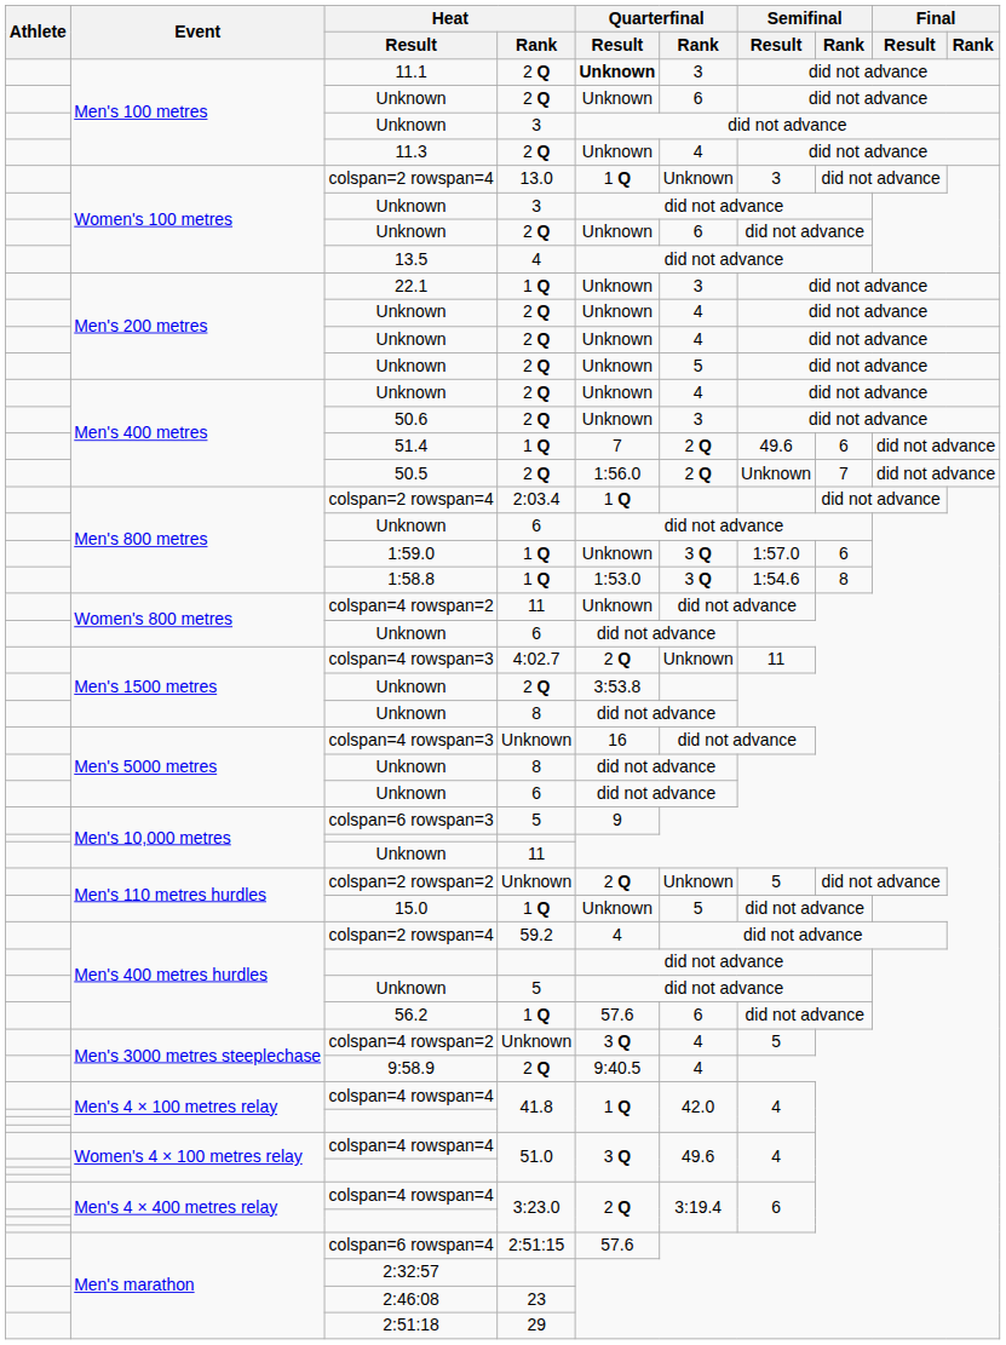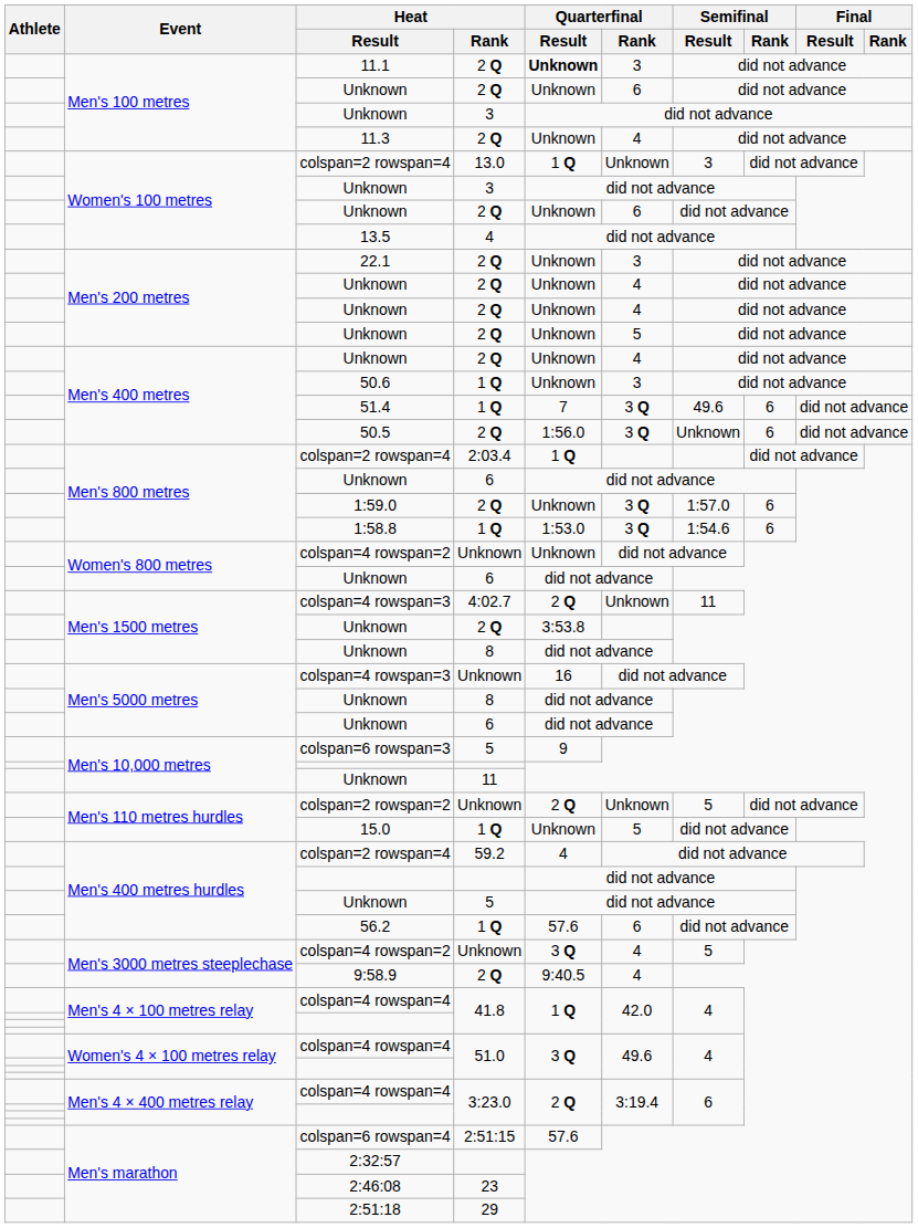 <table class="wikitable sortable" style=text-align:center>
 <tr>
 <th rowspan=2>Athlete</th>
 <th rowspan=2>Event</th>
 <th colspan=2>Heat</th>
 <th colspan=2>Quarterfinal</th>
 <th colspan=2>Semifinal</th>
 <th colspan=2>Final</th>
 </tr>
 <tr>
 <th>Result</th>
 <th>Rank</th>
 <th>Result</th>
 <th>Rank</th>
 <th>Result</th>
 <th>Rank</th>
 <th>Result</th>
 <th>Rank</th>
 </tr>
 <tr>
 <td align=left></td>
 <td align=left rowspan=4><a href='#'>Men's 100 metres</a></td>
 <td>11.1</td>
 <td>2 <strong>Q</strong></td>
 <td><strong>Unknown</strong></td>
 <td>3</td>
 <td colspan=4>did not advance</td>
 </tr>
 <tr>
 <td align=left></td>
 <td>Unknown</td>
 <td>2 <strong>Q</strong></td>
 <td>Unknown</td>
 <td>6</td>
 <td colspan=4>did not advance</td>
 </tr>
 <tr>
 <td align=left></td>
 <td>Unknown</td>
 <td>3</td>
 <td colspan=6>did not advance</td>
 </tr>
 <tr>
 <td align=left></td>
 <td>11.3</td>
 <td>2 <strong>Q</strong></td>
 <td>Unknown</td>
 <td>4</td>
 <td colspan=4>did not advance</td>
 </tr>
 <tr>
 <td align=left></td>
 <td align=left rowspan=4><a href='#'>Women's 100 metres</a></td>
 <td>colspan=2 rowspan=4 </td>
 <td>13.0</td>
 <td>1 <strong>Q</strong></td>
 <td>Unknown</td>
 <td>3</td>
 <td colspan=2>did not advance</td>
 </tr>
 <tr>
 <td align=left></td>
 <td>Unknown</td>
 <td>3</td>
 <td colspan=4>did not advance</td>
 </tr>
 <tr>
 <td align=left></td>
 <td>Unknown</td>
 <td>2 <strong>Q</strong></td>
 <td>Unknown</td>
 <td>6</td>
 <td colspan=2>did not advance</td>
 </tr>
 <tr>
 <td align=left></td>
 <td>13.5</td>
 <td>4</td>
 <td colspan=4>did not advance</td>
 </tr>
 <tr>
 <td align=left></td>
 <td align=left rowspan=4><a href='#'>Men's 200 metres</a></td>
 <td>22.1</td>
-<td>1 <strong>Q</strong></td>
+<td>2 <strong>Q</strong></td>
 <td>Unknown</td>
 <td>3</td>
 <td colspan=4>did not advance</td>
 </tr>
 <tr>
 <td align=left></td>
 <td>Unknown</td>
 <td>2 <strong>Q</strong></td>
 <td>Unknown</td>
 <td>4</td>
 <td colspan=4>did not advance</td>
 </tr>
 <tr>
 <td align=left></td>
 <td>Unknown</td>
 <td>2 <strong>Q</strong></td>
 <td>Unknown</td>
 <td>4</td>
 <td colspan=4>did not advance</td>
 </tr>
 <tr>
 <td align=left></td>
 <td>Unknown</td>
 <td>2 <strong>Q</strong></td>
 <td>Unknown</td>
 <td>5</td>
 <td colspan=4>did not advance</td>
 </tr>
 <tr>
 <td align=left></td>
 <td align=left rowspan=4><a href='#'>Men's 400 metres</a></td>
 <td>Unknown</td>
 <td>2 <strong>Q</strong></td>
 <td>Unknown</td>
 <td>4</td>
 <td colspan=4>did not advance</td>
 </tr>
 <tr>
 <td align=left></td>
 <td>50.6</td>
-<td>2 <strong>Q</strong></td>
+<td>1 <strong>Q</strong></td>
 <td>Unknown</td>
 <td>3</td>
 <td colspan=4>did not advance</td>
 </tr>
 <tr>
 <td align=left></td>
 <td>51.4</td>
 <td>1 <strong>Q</strong></td>
 <td>7</td>
-<td>2 <strong>Q</strong></td>
+<td>3 <strong>Q</strong></td>
 <td>49.6</td>
 <td>6</td>
 <td colspan=2>did not advance</td>
 </tr>
 <tr>
 <td align=left></td>
 <td>50.5</td>
 <td>2 <strong>Q</strong></td>
 <td>1:56.0</td>
-<td>2 <strong>Q</strong></td>
+<td>3 <strong>Q</strong></td>
 <td>Unknown</td>
-<td>7</td>
+<td>6</td>
 <td colspan=2>did not advance</td>
 </tr>
 <tr>
 <td align=left></td>
 <td align=left rowspan=4><a href='#'>Men's 800 metres</a></td>
 <td>colspan=2 rowspan=4 </td>
 <td>2:03.4</td>
 <td>1 <strong>Q</strong></td>
 <td></td>
 <td></td>
 <td colspan=2>did not advance</td>
 </tr>
 <tr>
 <td align=left></td>
 <td>Unknown</td>
 <td>6</td>
 <td colspan=4>did not advance</td>
 </tr>
 <tr>
 <td align=left></td>
 <td>1:59.0</td>
-<td>1 <strong>Q</strong></td>
+<td>2 <strong>Q</strong></td>
 <td>Unknown</td>
 <td>3 <strong>Q</strong></td>
 <td>1:57.0</td>
 <td>6</td>
 </tr>
 <tr>
 <td align=left></td>
 <td>1:58.8</td>
 <td>1 <strong>Q</strong></td>
 <td>1:53.0</td>
 <td>3 <strong>Q</strong></td>
 <td>1:54.6</td>
-<td>8</td>
+<td>6</td>
 </tr>
 <tr>
 <td align=left></td>
 <td align=left rowspan=2><a href='#'>Women's 800 metres</a></td>
 <td>colspan=4 rowspan=2 </td>
-<td>11</td>
+<td>Unknown</td>
 <td>Unknown</td>
 <td colspan=2>did not advance</td>
 </tr>
 <tr>
 <td align=left></td>
 <td>Unknown</td>
 <td>6</td>
 <td colspan=2>did not advance</td>
 </tr>
 <tr>
 <td align=left></td>
 <td align=left rowspan=3><a href='#'>Men's 1500 metres</a></td>
 <td>colspan=4 rowspan=3 </td>
 <td>4:02.7</td>
 <td>2 <strong>Q</strong></td>
 <td>Unknown</td>
 <td>11</td>
 </tr>
 <tr>
 <td align=left><strong></strong></td>
 <td>Unknown</td>
 <td>2 <strong>Q</strong></td>
 <td>3:53.8</td>
 <td></td>
 </tr>
 <tr>
 <td align=left></td>
 <td>Unknown</td>
 <td>8</td>
 <td colspan=2>did not advance</td>
 </tr>
 <tr>
 <td align=left></td>
 <td align=left rowspan=3><a href='#'>Men's 5000 metres</a></td>
 <td>colspan=4 rowspan=3 </td>
 <td>Unknown</td>
 <td>16</td>
 <td colspan=2>did not advance</td>
 </tr>
 <tr>
 <td align=left></td>
 <td>Unknown</td>
 <td>8</td>
 <td colspan=2>did not advance</td>
 </tr>
 <tr>
 <td align=left></td>
 <td>Unknown</td>
 <td>6</td>
 <td colspan=2>did not advance</td>
 </tr>
 <tr>
 <td align=left></td>
 <td align=left rowspan=3><a href='#'>Men's 10,000 metres</a></td>
 <td>colspan=6 rowspan=3 </td>
 <td>5</td>
 <td>9</td>
 </tr>
 <tr>
 <td align=left></td>
 <td></td>
 <td></td>
 </tr>
 <tr>
 <td align=left></td>
 <td>Unknown</td>
 <td>11</td>
 </tr>
 <tr>
 <td align=left></td>
 <td align=left rowspan=2><a href='#'>Men's 110 metres hurdles</a></td>
 <td>colspan=2 rowspan=2 </td>
 <td>Unknown</td>
 <td>2 <strong>Q</strong></td>
 <td>Unknown</td>
 <td>5</td>
 <td colspan=2>did not advance</td>
 </tr>
 <tr>
 <td align=left></td>
 <td>15.0</td>
 <td>1 <strong>Q</strong></td>
 <td>Unknown</td>
 <td>5</td>
 <td colspan=2>did not advance</td>
 </tr>
 <tr>
 <td align=left></td>
 <td align=left rowspan=4><a href='#'>Men's 400 metres hurdles</a></td>
 <td>colspan=2 rowspan=4 </td>
 <td>59.2</td>
 <td>4</td>
 <td colspan=4>did not advance</td>
 </tr>
 <tr>
 <td align=left></td>
 <td></td>
 <td></td>
 <td colspan=4>did not advance</td>
 </tr>
 <tr>
 <td align=left></td>
 <td>Unknown</td>
 <td>5</td>
 <td colspan=4>did not advance</td>
 </tr>
 <tr>
 <td align=left></td>
 <td>56.2</td>
 <td>1 <strong>Q</strong></td>
 <td>57.6</td>
 <td>6</td>
 <td colspan=2>did not advance</td>
 </tr>
 <tr>
 <td align=left></td>
 <td align=left rowspan=2><a href='#'>Men's 3000 metres steeplechase</a></td>
 <td>colspan=4 rowspan=2 </td>
 <td>Unknown</td>
 <td>3 <strong>Q</strong></td>
 <td>4</td>
 <td>5</td>
 </tr>
 <tr>
 <td align=left></td>
 <td>9:58.9</td>
 <td>2 <strong>Q</strong></td>
 <td>9:40.5</td>
 <td>4</td>
 </tr>
 <tr>
 <td align=left></td>
 <td align=left rowspan=4><a href='#'>Men's 4 × 100 metres relay</a></td>
 <td>colspan=4 rowspan=4 </td>
 <td rowspan=4>41.8</td>
 <td rowspan=4>1 <strong>Q</strong></td>
 <td rowspan=4>42.0</td>
 <td rowspan=4>4</td>
 </tr>
 <tr>
 <td align=left></td>
 </tr>
 <tr>
 <td align=left></td>
 </tr>
 <tr>
 <td align=left></td>
 </tr>
 <tr>
 <td align=left></td>
 <td align=left rowspan=4><a href='#'>Women's 4 × 100 metres relay</a></td>
 <td>colspan=4 rowspan=4 </td>
 <td rowspan=4>51.0</td>
 <td rowspan=4>3 <strong>Q</strong></td>
 <td rowspan=4>49.6</td>
 <td rowspan=4>4</td>
 </tr>
 <tr>
 <td align=left></td>
 </tr>
 <tr>
 <td align=left></td>
 </tr>
 <tr>
 <td align=left></td>
 </tr>
 <tr>
 <td align=left></td>
 <td align=left rowspan=4><a href='#'>Men's 4 × 400 metres relay</a></td>
 <td>colspan=4 rowspan=4 </td>
 <td rowspan=4>3:23.0</td>
 <td rowspan=4>2 <strong>Q</strong></td>
 <td rowspan=4>3:19.4</td>
 <td rowspan=4>6</td>
 </tr>
 <tr>
 <td align=left></td>
 </tr>
 <tr>
 <td align=left></td>
 </tr>
 <tr>
 <td align=left></td>
 </tr>
 <tr>
 <td align=left></td>
 <td align=left rowspan=4><a href='#'>Men's marathon</a></td>
 <td>colspan=6 rowspan=4 </td>
 <td>2:51:15</td>
 <td>57.6</td>
 </tr>
 <tr>
 <td align=left><strong></strong></td>
 <td>2:32:57</td>
 <td></td>
 </tr>
 <tr>
 <td align=left></td>
 <td>2:46:08</td>
 <td>23</td>
 </tr>
 <tr>
 <td align=left></td>
 <td>2:51:18</td>
 <td>29</td>
 </tr>
 </table>
